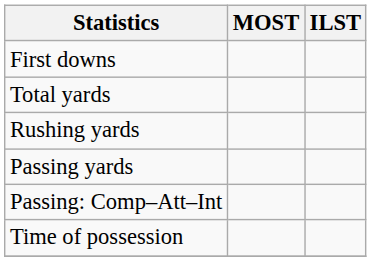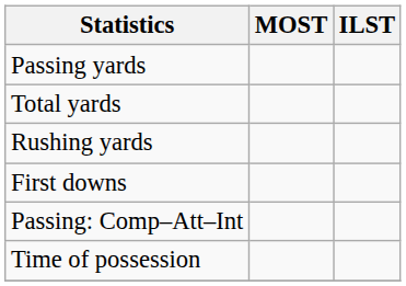 <table class="wikitable" style="float: left;">
 <tr>
 <th>Statistics</th>
 <th>MOST</th>
 <th>ILST</th>
 </tr>
 <tr>
-<td>First downs</td>
+<td>Passing yards</td>
 <td></td>
 <td></td>
 </tr>
 <tr>
 <td>Total yards</td>
 <td></td>
 <td></td>
 </tr>
 <tr>
 <td>Rushing yards</td>
 <td></td>
 <td></td>
 </tr>
 <tr>
-<td>Passing yards</td>
+<td>First downs</td>
 <td></td>
 <td></td>
 </tr>
 <tr>
 <td>Passing: Comp–Att–Int</td>
 <td></td>
 <td></td>
 </tr>
 <tr>
 <td>Time of possession</td>
 <td></td>
 <td></td>
 </tr>
 <tr>
 </tr>
 </table>
